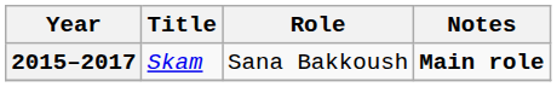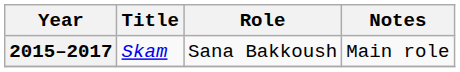 <table class="wikitable plainrowheaders sortable"  style=font-size:100%>
 <tr>
 <th scope="col">Year</th>
 <th scope="col">Title</th>
 <th scope="col">Role</th>
 <th scope="col">Notes</th>
 </tr>
 <tr>
 <th scope=row>2015–2017</th>
 <td><em><a href='#'>Skam</a></em></td>
 <td>Sana Bakkoush</td>
-<td><strong>Main role</strong></td>
+<td>Main role</td>
 </tr>
 <tr>
 </tr>
 </table>
